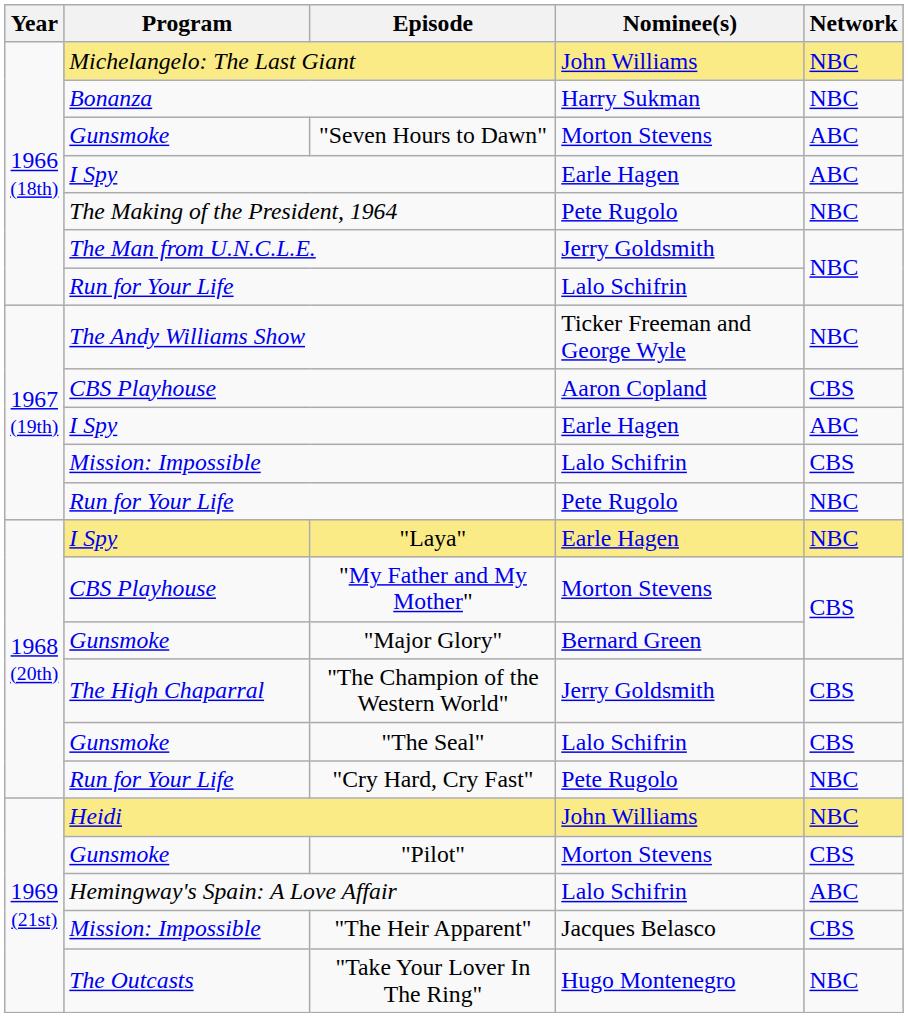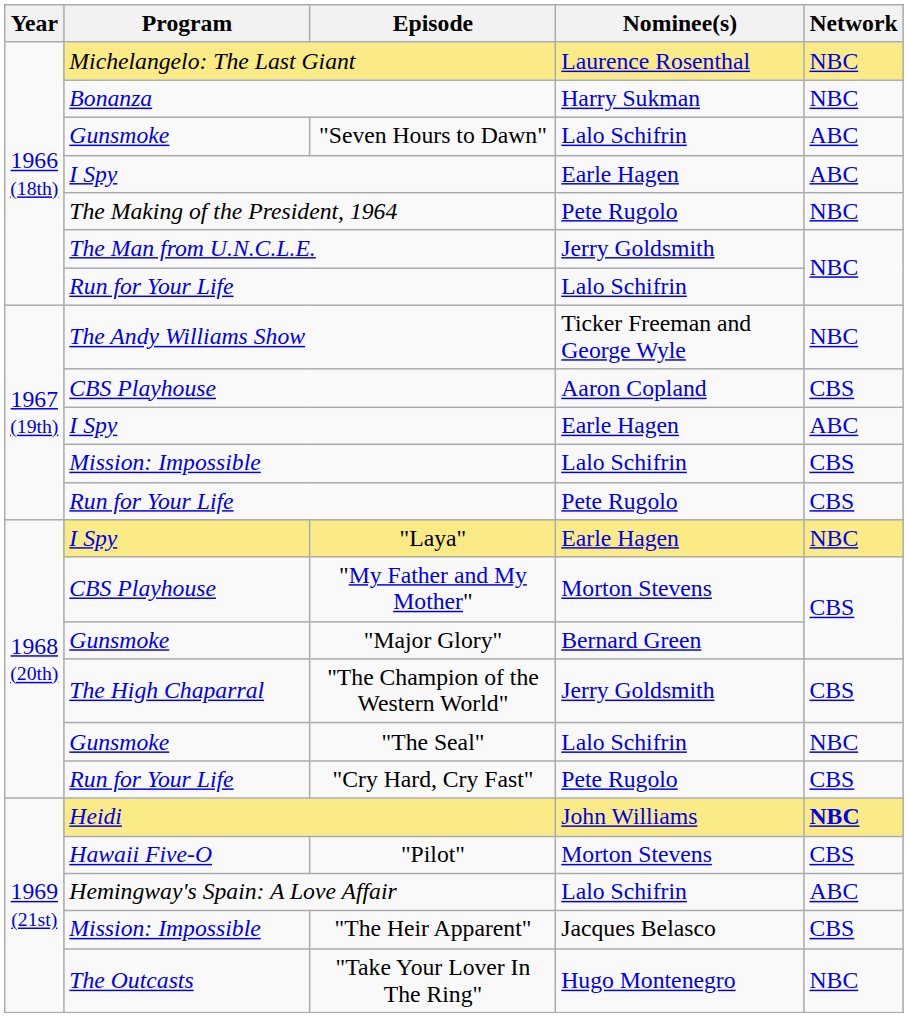 <table class="wikitable">
 <tr>
 <th width="5%">Year</th>
 <th width="30%">Program</th>
 <th width="30%">Episode</th>
 <th width="30%">Nominee(s)</th>
 <th width="5%">Network</th>
 </tr>
 <tr>
 <td rowspan="7" style="text-align:center;"><a href='#'>1966</a><br><small><a href='#'>(18th)</a></small></td>
 <td style="background:#FAEB86;" colspan=2><em>Michelangelo: The Last Giant</em></td>
-<td style="background:#FAEB86;"><a href='#'>John Williams</a></td>
+<td style="background:#FAEB86;"><a href='#'>Laurence Rosenthal</a></td>
 <td style="background:#FAEB86;"><a href='#'>NBC</a></td>
 </tr>
 <tr>
 <td colspan=2><em><a href='#'>Bonanza</a></em></td>
 <td><a href='#'>Harry Sukman</a></td>
 <td><a href='#'>NBC</a></td>
 </tr>
 <tr>
 <td><em><a href='#'>Gunsmoke</a></em></td>
 <td align=center>"Seven Hours to Dawn"</td>
-<td><a href='#'>Morton Stevens</a></td>
+<td><a href='#'>Lalo Schifrin</a></td>
 <td><a href='#'>ABC</a></td>
 </tr>
 <tr>
 <td colspan=2><em><a href='#'>I Spy</a></em></td>
 <td><a href='#'>Earle Hagen</a></td>
 <td><a href='#'>ABC</a></td>
 </tr>
 <tr>
 <td colspan=2><em>The Making of the President, 1964</em></td>
 <td><a href='#'>Pete Rugolo</a></td>
 <td><a href='#'>NBC</a></td>
 </tr>
 <tr>
 <td colspan=2><em><a href='#'>The Man from U.N.C.L.E.</a></em></td>
 <td><a href='#'>Jerry Goldsmith</a></td>
 <td rowspan=2><a href='#'>NBC</a></td>
 </tr>
 <tr>
 <td colspan=2><em><a href='#'>Run for Your Life</a></em></td>
 <td><a href='#'>Lalo Schifrin</a></td>
 </tr>
 <tr>
 <td rowspan="5" style="text-align:center;"><a href='#'>1967</a><br><small><a href='#'>(19th)</a></small></td>
 <td colspan=2><em><a href='#'>The Andy Williams Show</a></em></td>
 <td>Ticker Freeman and <a href='#'>George Wyle</a></td>
 <td><a href='#'>NBC</a></td>
 </tr>
 <tr>
 <td colspan=2><em><a href='#'>CBS Playhouse</a></em></td>
 <td><a href='#'>Aaron Copland</a></td>
 <td><a href='#'>CBS</a></td>
 </tr>
 <tr>
 <td colspan=2><em><a href='#'>I Spy</a></em></td>
 <td><a href='#'>Earle Hagen</a></td>
 <td><a href='#'>ABC</a></td>
 </tr>
 <tr>
 <td colspan=2><em><a href='#'>Mission: Impossible</a></em></td>
 <td><a href='#'>Lalo Schifrin</a></td>
 <td><a href='#'>CBS</a></td>
 </tr>
 <tr>
 <td colspan=2><em><a href='#'>Run for Your Life</a></em></td>
 <td><a href='#'>Pete Rugolo</a></td>
-<td><a href='#'>NBC</a></td>
+<td><a href='#'>CBS</a></td>
 </tr>
 <tr>
 <td rowspan="6" style="text-align:center;"><a href='#'>1968</a><br><small><a href='#'>(20th)</a></small></td>
 <td style="background:#FAEB86;"><em><a href='#'>I Spy</a></em></td>
 <td style="background:#FAEB86;" align=center>"Laya"</td>
 <td style="background:#FAEB86;"><a href='#'>Earle Hagen</a></td>
 <td style="background:#FAEB86;"><a href='#'>NBC</a></td>
 </tr>
 <tr>
 <td><em><a href='#'>CBS Playhouse</a></em></td>
 <td align=center>"<a href='#'>My Father and My Mother</a>"</td>
 <td><a href='#'>Morton Stevens</a></td>
 <td rowspan=2><a href='#'>CBS</a></td>
 </tr>
 <tr>
 <td><em><a href='#'>Gunsmoke</a></em></td>
 <td align=center>"Major Glory"</td>
 <td><a href='#'>Bernard Green</a></td>
 </tr>
 <tr>
 <td><em><a href='#'>The High Chaparral</a></em></td>
 <td align=center>"The Champion of the Western World"</td>
 <td><a href='#'>Jerry Goldsmith</a></td>
 <td><a href='#'>CBS</a></td>
 </tr>
 <tr>
 <td><em><a href='#'>Gunsmoke</a></em></td>
 <td align=center>"The Seal"</td>
 <td><a href='#'>Lalo Schifrin</a></td>
-<td><a href='#'>CBS</a></td>
+<td><a href='#'>NBC</a></td>
 </tr>
 <tr>
 <td><em><a href='#'>Run for Your Life</a></em></td>
 <td align=center>"Cry Hard, Cry Fast"</td>
 <td><a href='#'>Pete Rugolo</a></td>
-<td><a href='#'>NBC</a></td>
+<td><a href='#'>CBS</a></td>
 </tr>
 <tr>
 <td rowspan="5" style="text-align:center;"><a href='#'>1969</a><br><small><a href='#'>(21st)</a></small></td>
 <td style="background:#FAEB86;" colspan=2><em><a href='#'>Heidi</a></em></td>
 <td style="background:#FAEB86;"><a href='#'>John Williams</a></td>
-<td style="background:#FAEB86;"><a href='#'>NBC</a></td>
+<td style="background:#FAEB86;"><strong><a href='#'>NBC</a></strong></td>
 </tr>
 <tr>
-<td><em><a href='#'>Gunsmoke</a></em></td>
+<td><em><a href='#'>Hawaii Five-O</a></em></td>
 <td align=center>"Pilot"</td>
 <td><a href='#'>Morton Stevens</a></td>
 <td><a href='#'>CBS</a></td>
 </tr>
 <tr>
 <td colspan=2><em>Hemingway's Spain: A Love Affair</em></td>
 <td><a href='#'>Lalo Schifrin</a></td>
 <td><a href='#'>ABC</a></td>
 </tr>
 <tr>
 <td><em><a href='#'>Mission: Impossible</a></em></td>
 <td align=center>"The Heir Apparent"</td>
 <td>Jacques Belasco</td>
 <td><a href='#'>CBS</a></td>
 </tr>
 <tr>
 <td><em><a href='#'>The Outcasts</a></em></td>
 <td align=center>"Take Your Lover In The Ring"</td>
 <td><a href='#'>Hugo Montenegro</a></td>
 <td><a href='#'>NBC</a></td>
 </tr>
 </table>
